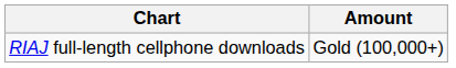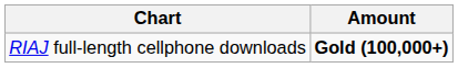 <table class="wikitable">
 <tr>
 <th>Chart</th>
 <th>Amount</th>
 </tr>
 <tr>
 <td><em><a href='#'>RIAJ</a></em> full-length cellphone downloads </td>
-<td align="center">Gold (100,000+)</td>
+<td align="center"><strong>Gold (100,000+)</strong></td>
 </tr>
 </table>
